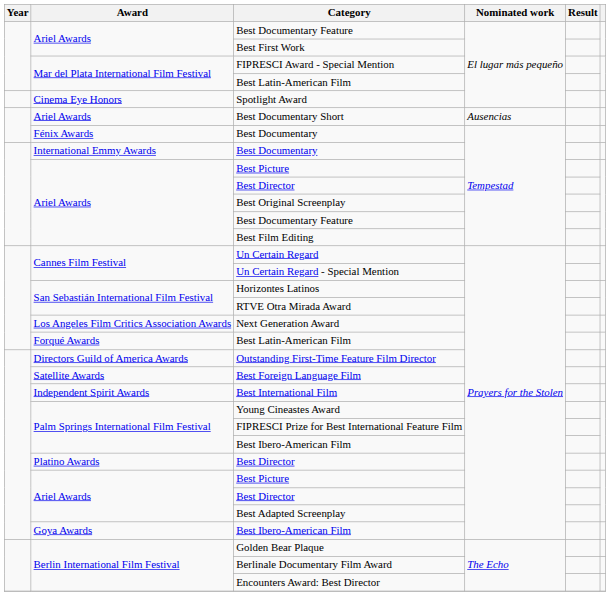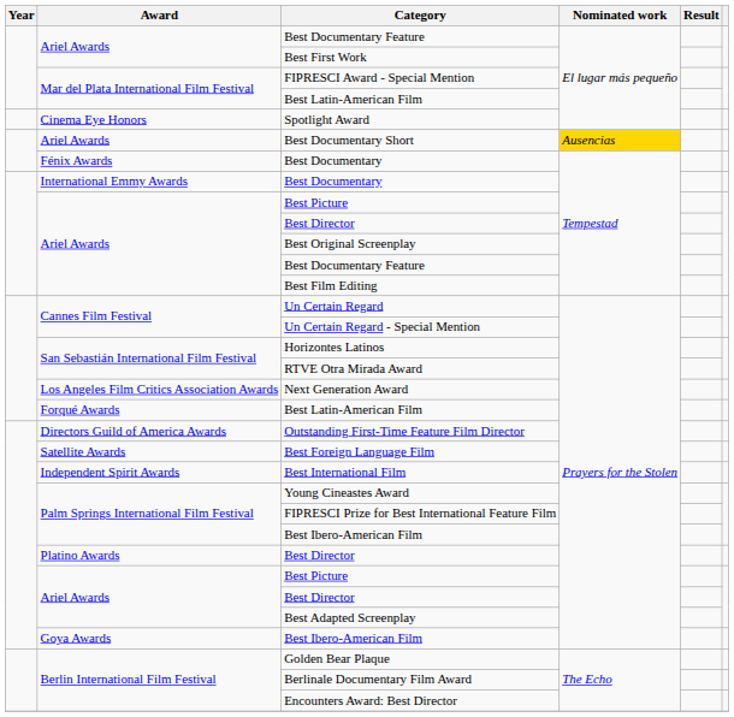 <table class="wikitable sortable">
 <tr>
 <th>Year</th>
 <th>Award</th>
 <th>Category</th>
 <th>Nominated work</th>
 <th>Result</th>
 <th></th>
 </tr>
 <tr>
 <td rowspan="4"></td>
 <td rowspan="2"><a href='#'>Ariel Awards</a></td>
 <td>Best Documentary Feature</td>
 <td rowspan="5"><em>El lugar más pequeño</em></td>
 <td></td>
 <td rowspan="2"></td>
 </tr>
 <tr>
 <td>Best First Work</td>
 <td></td>
 </tr>
 <tr>
 <td rowspan="2"><a href='#'>Mar del Plata International Film Festival</a></td>
 <td>FIPRESCI Award - Special Mention</td>
 <td></td>
 <td rowspan="2"></td>
 </tr>
 <tr>
 <td>Best Latin-American Film</td>
 <td></td>
 </tr>
 <tr>
 <td></td>
 <td><a href='#'>Cinema Eye Honors</a></td>
 <td>Spotlight Award</td>
 <td></td>
 <td></td>
 </tr>
 <tr>
 <td rowspan="2"></td>
 <td><a href='#'>Ariel Awards</a></td>
 <td>Best Documentary Short</td>
-<td><em>Ausencias</em></td>
+<td style="background: gold;"><em>Ausencias</em></td>
 <td></td>
 <td></td>
 </tr>
 <tr>
 <td><a href='#'>Fénix Awards</a></td>
 <td>Best Documentary</td>
 <td rowspan="7"><em><a href='#'>Tempestad</a></em></td>
 <td></td>
 <td></td>
 </tr>
 <tr>
 <td rowspan="6"></td>
 <td><a href='#'>International Emmy Awards</a></td>
 <td><a href='#'>Best Documentary</a></td>
 <td></td>
 <td></td>
 </tr>
 <tr>
 <td rowspan="5"><a href='#'>Ariel Awards</a></td>
 <td><a href='#'>Best Picture</a></td>
 <td></td>
 <td rowspan="5"></td>
 </tr>
 <tr>
 <td><a href='#'>Best Director</a></td>
 <td></td>
 </tr>
 <tr>
 <td>Best Original Screenplay</td>
 <td></td>
 </tr>
 <tr>
 <td>Best Documentary Feature</td>
 <td></td>
 </tr>
 <tr>
 <td>Best Film Editing</td>
 <td></td>
 </tr>
 <tr>
 <td rowspan="6"></td>
 <td rowspan="2"><a href='#'>Cannes Film Festival</a></td>
 <td><a href='#'>Un Certain Regard</a></td>
 <td rowspan="17"><em><a href='#'>Prayers for the Stolen</a></em></td>
 <td></td>
 <td rowspan="2"></td>
 </tr>
 <tr>
 <td><a href='#'>Un Certain Regard</a> - Special Mention</td>
 <td></td>
 </tr>
 <tr>
 <td rowspan="2"><a href='#'>San Sebastián International Film Festival</a></td>
 <td>Horizontes Latinos</td>
 <td></td>
 <td rowspan="2"></td>
 </tr>
 <tr>
 <td>RTVE Otra Mirada Award</td>
 <td></td>
 </tr>
 <tr>
 <td><a href='#'>Los Angeles Film Critics Association Awards</a></td>
 <td>Next Generation Award</td>
 <td></td>
 <td></td>
 </tr>
 <tr>
 <td><a href='#'>Forqué Awards</a></td>
 <td>Best Latin-American Film</td>
 <td></td>
 <td></td>
 </tr>
 <tr>
 <td rowspan="11"></td>
 <td><a href='#'>Directors Guild of America Awards</a></td>
 <td><a href='#'>Outstanding First-Time Feature Film Director</a></td>
 <td></td>
 <td></td>
 </tr>
 <tr>
 <td><a href='#'>Satellite Awards</a></td>
 <td><a href='#'>Best Foreign Language Film</a></td>
 <td></td>
 <td></td>
 </tr>
 <tr>
 <td><a href='#'>Independent Spirit Awards</a></td>
 <td><a href='#'>Best International Film</a></td>
 <td></td>
 <td></td>
 </tr>
 <tr>
 <td rowspan="3"><a href='#'>Palm Springs International Film Festival</a></td>
 <td>Young Cineastes Award</td>
 <td></td>
 <td rowspan="3"></td>
 </tr>
 <tr>
 <td>FIPRESCI Prize for Best International Feature Film</td>
 <td></td>
 </tr>
 <tr>
 <td>Best Ibero-American Film</td>
 <td></td>
 </tr>
 <tr>
 <td><a href='#'>Platino Awards</a></td>
 <td><a href='#'>Best Director</a></td>
 <td></td>
 <td></td>
 </tr>
 <tr>
 <td rowspan="3"><a href='#'>Ariel Awards</a></td>
 <td><a href='#'>Best Picture</a></td>
 <td></td>
 <td rowspan="3"></td>
 </tr>
 <tr>
 <td><a href='#'>Best Director</a></td>
 <td></td>
 </tr>
 <tr>
 <td>Best Adapted Screenplay</td>
 <td></td>
 </tr>
 <tr>
 <td><a href='#'>Goya Awards</a></td>
 <td><a href='#'>Best Ibero-American Film</a></td>
 <td></td>
 <td></td>
 </tr>
 <tr>
 <td rowspan="3"></td>
 <td rowspan="3"><a href='#'>Berlin International Film Festival</a></td>
 <td>Golden Bear Plaque</td>
 <td rowspan="3"><em><a href='#'>The Echo</a></em></td>
 <td></td>
 <td></td>
 </tr>
 <tr>
 <td>Berlinale Documentary Film Award</td>
 <td></td>
 <td></td>
 </tr>
 <tr>
 <td>Encounters Award: Best Director</td>
 <td></td>
 <td></td>
 </tr>
 <tr>
 </tr>
 </table>
